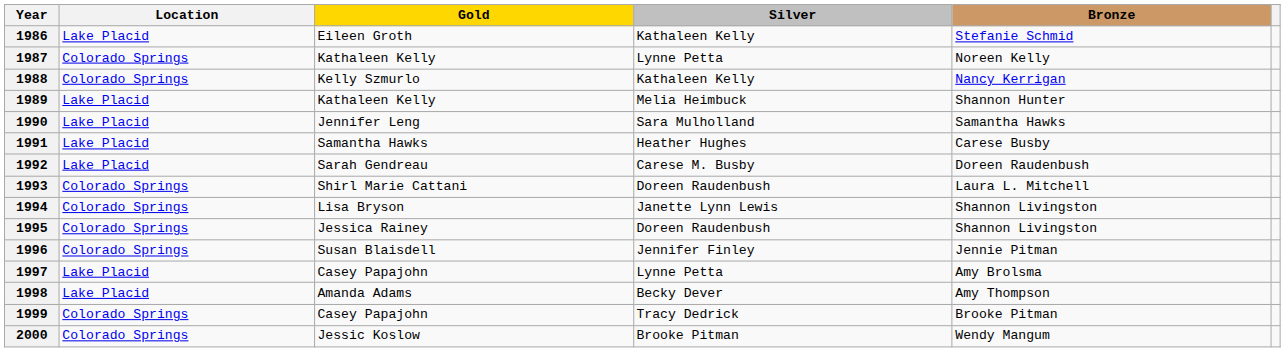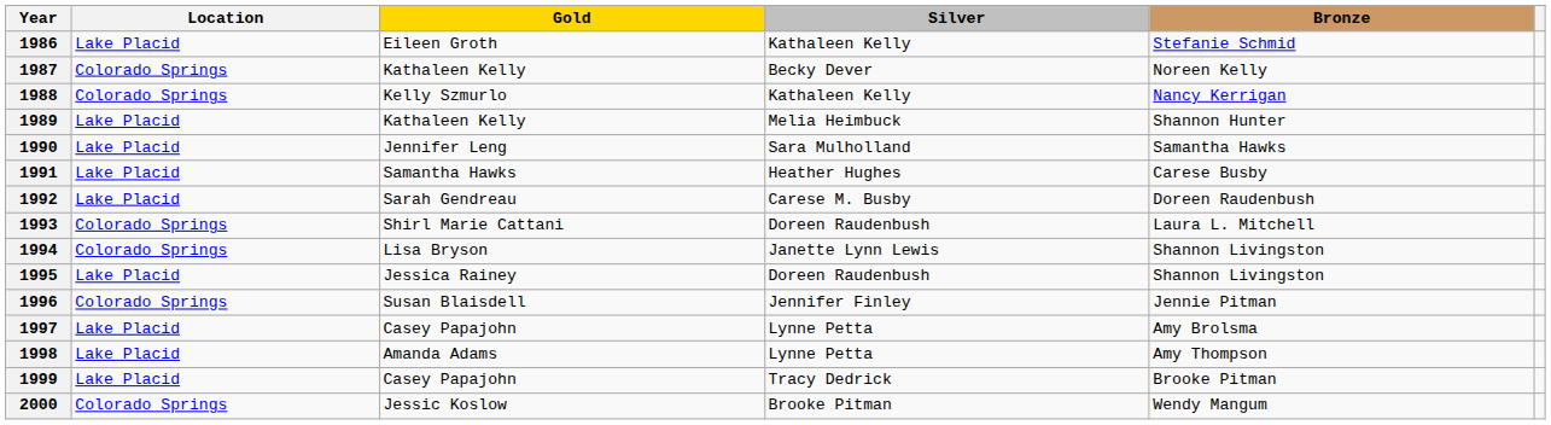 <table class="wikitable unsortable" style="text-align:left; width:100%;">
 <tr>
 <th scope="col" style="text-align:center;">Year</th>
 <th scope="col" style="text-align:center; width:20%">Location</th>
 <td scope="col" style="text-align:center; width:25%; background:gold"><strong>Gold</strong></td>
 <td scope="col" style="text-align:center; width:25%; background:silver"><strong>Silver</strong></td>
 <td scope="col" style="text-align:center; width:25%; background:#c96"><strong>Bronze</strong></td>
 <th scope="col" style="text-align:center"></th>
 </tr>
 <tr>
 <th scope="row">1986</th>
 <td><a href='#'>Lake Placid</a></td>
 <td>Eileen Groth</td>
 <td>Kathaleen Kelly</td>
 <td><a href='#'>Stefanie Schmid</a></td>
 <td></td>
 </tr>
 <tr>
 <th scope="row">1987</th>
 <td><a href='#'>Colorado Springs</a></td>
 <td>Kathaleen Kelly</td>
-<td>Lynne Petta</td>
+<td>Becky Dever</td>
 <td>Noreen Kelly</td>
 <td></td>
 </tr>
 <tr>
 <th scope="row">1988</th>
 <td><a href='#'>Colorado Springs</a></td>
 <td>Kelly Szmurlo</td>
 <td>Kathaleen Kelly</td>
 <td><a href='#'>Nancy Kerrigan</a></td>
 <td></td>
 </tr>
 <tr>
 <th scope="row">1989</th>
 <td><a href='#'>Lake Placid</a></td>
 <td>Kathaleen Kelly</td>
 <td>Melia Heimbuck</td>
 <td>Shannon Hunter</td>
 <td></td>
 </tr>
 <tr>
 <th scope="row">1990</th>
 <td><a href='#'>Lake Placid</a></td>
 <td>Jennifer Leng</td>
 <td>Sara Mulholland</td>
 <td>Samantha Hawks</td>
 <td></td>
 </tr>
 <tr>
 <th scope="row">1991</th>
 <td><a href='#'>Lake Placid</a></td>
 <td>Samantha Hawks</td>
 <td>Heather Hughes</td>
 <td>Carese Busby</td>
 <td></td>
 </tr>
 <tr>
 <th scope="row">1992</th>
 <td><a href='#'>Lake Placid</a></td>
 <td>Sarah Gendreau</td>
 <td>Carese M. Busby</td>
 <td>Doreen Raudenbush</td>
 <td></td>
 </tr>
 <tr>
 <th scope="row">1993</th>
 <td><a href='#'>Colorado Springs</a></td>
 <td>Shirl Marie Cattani</td>
 <td>Doreen Raudenbush</td>
 <td>Laura L. Mitchell</td>
 <td></td>
 </tr>
 <tr>
 <th scope="row">1994</th>
 <td><a href='#'>Colorado Springs</a></td>
 <td>Lisa Bryson</td>
 <td>Janette Lynn Lewis</td>
 <td>Shannon Livingston</td>
 <td></td>
 </tr>
 <tr>
 <th scope="row">1995</th>
-<td><a href='#'>Colorado Springs</a></td>
+<td><a href='#'>Lake Placid</a></td>
 <td>Jessica Rainey</td>
 <td>Doreen Raudenbush</td>
 <td>Shannon Livingston</td>
 <td></td>
 </tr>
 <tr>
 <th scope="row">1996</th>
 <td><a href='#'>Colorado Springs</a></td>
 <td>Susan Blaisdell</td>
 <td>Jennifer Finley</td>
 <td>Jennie Pitman</td>
 <td></td>
 </tr>
 <tr>
 <th scope="row">1997</th>
 <td><a href='#'>Lake Placid</a></td>
 <td>Casey Papajohn</td>
 <td>Lynne Petta</td>
 <td>Amy Brolsma</td>
 <td></td>
 </tr>
 <tr>
 <th scope="row">1998</th>
 <td><a href='#'>Lake Placid</a></td>
 <td>Amanda Adams</td>
-<td>Becky Dever</td>
+<td>Lynne Petta</td>
 <td>Amy Thompson</td>
 <td></td>
 </tr>
 <tr>
 <th scope="row">1999</th>
-<td><a href='#'>Colorado Springs</a></td>
+<td><a href='#'>Lake Placid</a></td>
 <td>Casey Papajohn</td>
 <td>Tracy Dedrick</td>
 <td>Brooke Pitman</td>
 <td></td>
 </tr>
 <tr>
 <th scope="row">2000</th>
 <td><a href='#'>Colorado Springs</a></td>
 <td>Jessic Koslow</td>
 <td>Brooke Pitman</td>
 <td>Wendy Mangum</td>
 <td></td>
 </tr>
 </table>
